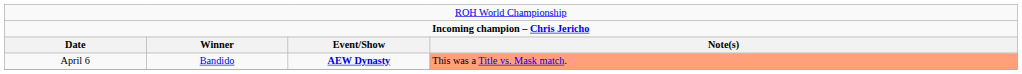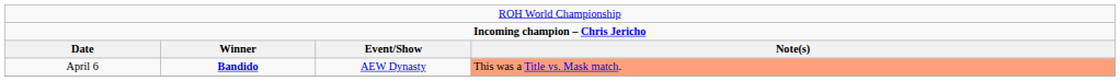 <table class="wikitable" style="text-align:center; width:100%;">
 <tr>
 <td colspan="4" style="text-align: center;"><a href='#'>ROH World Championship</a></td>
 </tr>
 <tr>
 <td colspan="4" style="text-align: center;"><strong>Incoming champion – <a href='#'>Chris Jericho</a></strong></td>
 </tr>
 <tr>
 <th width="14%">Date</th>
 <th width="14%">Winner</th>
 <th width="14%">Event/Show</th>
 <th width="58%">Note(s)</th>
 </tr>
 <tr>
 <td>April 6</td>
-<td><a href='#'>Bandido</a></td>
-<td><strong><a href='#'>AEW Dynasty</a></strong></td>
+<td><strong><a href='#'>Bandido</a></strong></td>
+<td><a href='#'>AEW Dynasty</a></td>
 <td align=left style="background: lightsalmon;">This was a <a href='#'>Title vs. Mask match</a>.</td>
 </tr>
 <tr>
 </tr>
 </table>
